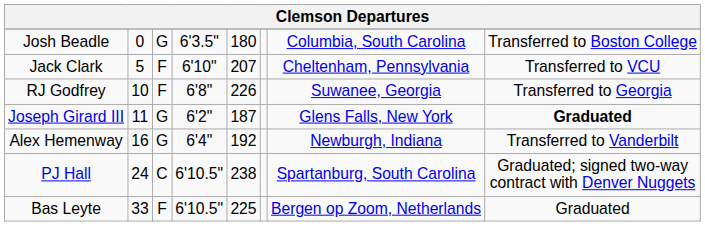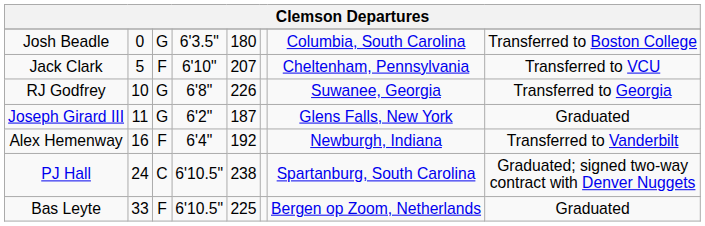 <table class="wikitable sortable" border="1" style="text-align: center;">
 <tr>
 <th colspan=8>Clemson Departures</th>
 </tr>
 <tr align=center>
 </tr>
 <tr>
 <td>Josh Beadle</td>
 <td>0</td>
 <td>G</td>
 <td>6'3.5"</td>
 <td>180</td>
 <td></td>
 <td><a href='#'>Columbia, South Carolina</a></td>
 <td>Transferred to <a href='#'>Boston College</a></td>
 </tr>
 <tr>
 <td>Jack Clark</td>
 <td>5</td>
 <td>F</td>
 <td>6'10"</td>
 <td>207</td>
 <td></td>
 <td><a href='#'>Cheltenham, Pennsylvania</a></td>
 <td>Transferred to <a href='#'>VCU</a></td>
 </tr>
 <tr>
 <td>RJ Godfrey</td>
 <td>10</td>
-<td>F</td>
+<td>G</td>
 <td>6'8"</td>
 <td>226</td>
 <td></td>
 <td><a href='#'>Suwanee, Georgia</a></td>
 <td>Transferred to <a href='#'>Georgia</a></td>
 </tr>
 <tr>
 <td><a href='#'>Joseph Girard III</a></td>
 <td>11</td>
 <td>G</td>
 <td>6'2"</td>
 <td>187</td>
 <td></td>
 <td><a href='#'>Glens Falls, New York</a></td>
-<td><strong>Graduated</strong></td>
+<td>Graduated</td>
 </tr>
 <tr>
 <td>Alex Hemenway</td>
 <td>16</td>
-<td>G</td>
+<td>F</td>
 <td>6'4"</td>
 <td>192</td>
 <td></td>
 <td><a href='#'>Newburgh, Indiana</a></td>
 <td>Transferred to <a href='#'>Vanderbilt</a></td>
 </tr>
 <tr>
 <td><a href='#'>PJ Hall</a></td>
 <td>24</td>
 <td>C</td>
 <td>6'10.5"</td>
 <td>238</td>
 <td></td>
 <td><a href='#'>Spartanburg, South Carolina</a></td>
 <td>Graduated; signed two-way<br>contract with <a href='#'>Denver Nuggets</a></td>
 </tr>
 <tr>
 <td>Bas Leyte</td>
 <td>33</td>
 <td>F</td>
 <td>6'10.5"</td>
 <td>225</td>
 <td></td>
 <td><a href='#'>Bergen op Zoom, Netherlands</a></td>
 <td>Graduated</td>
 </tr>
 </table>
